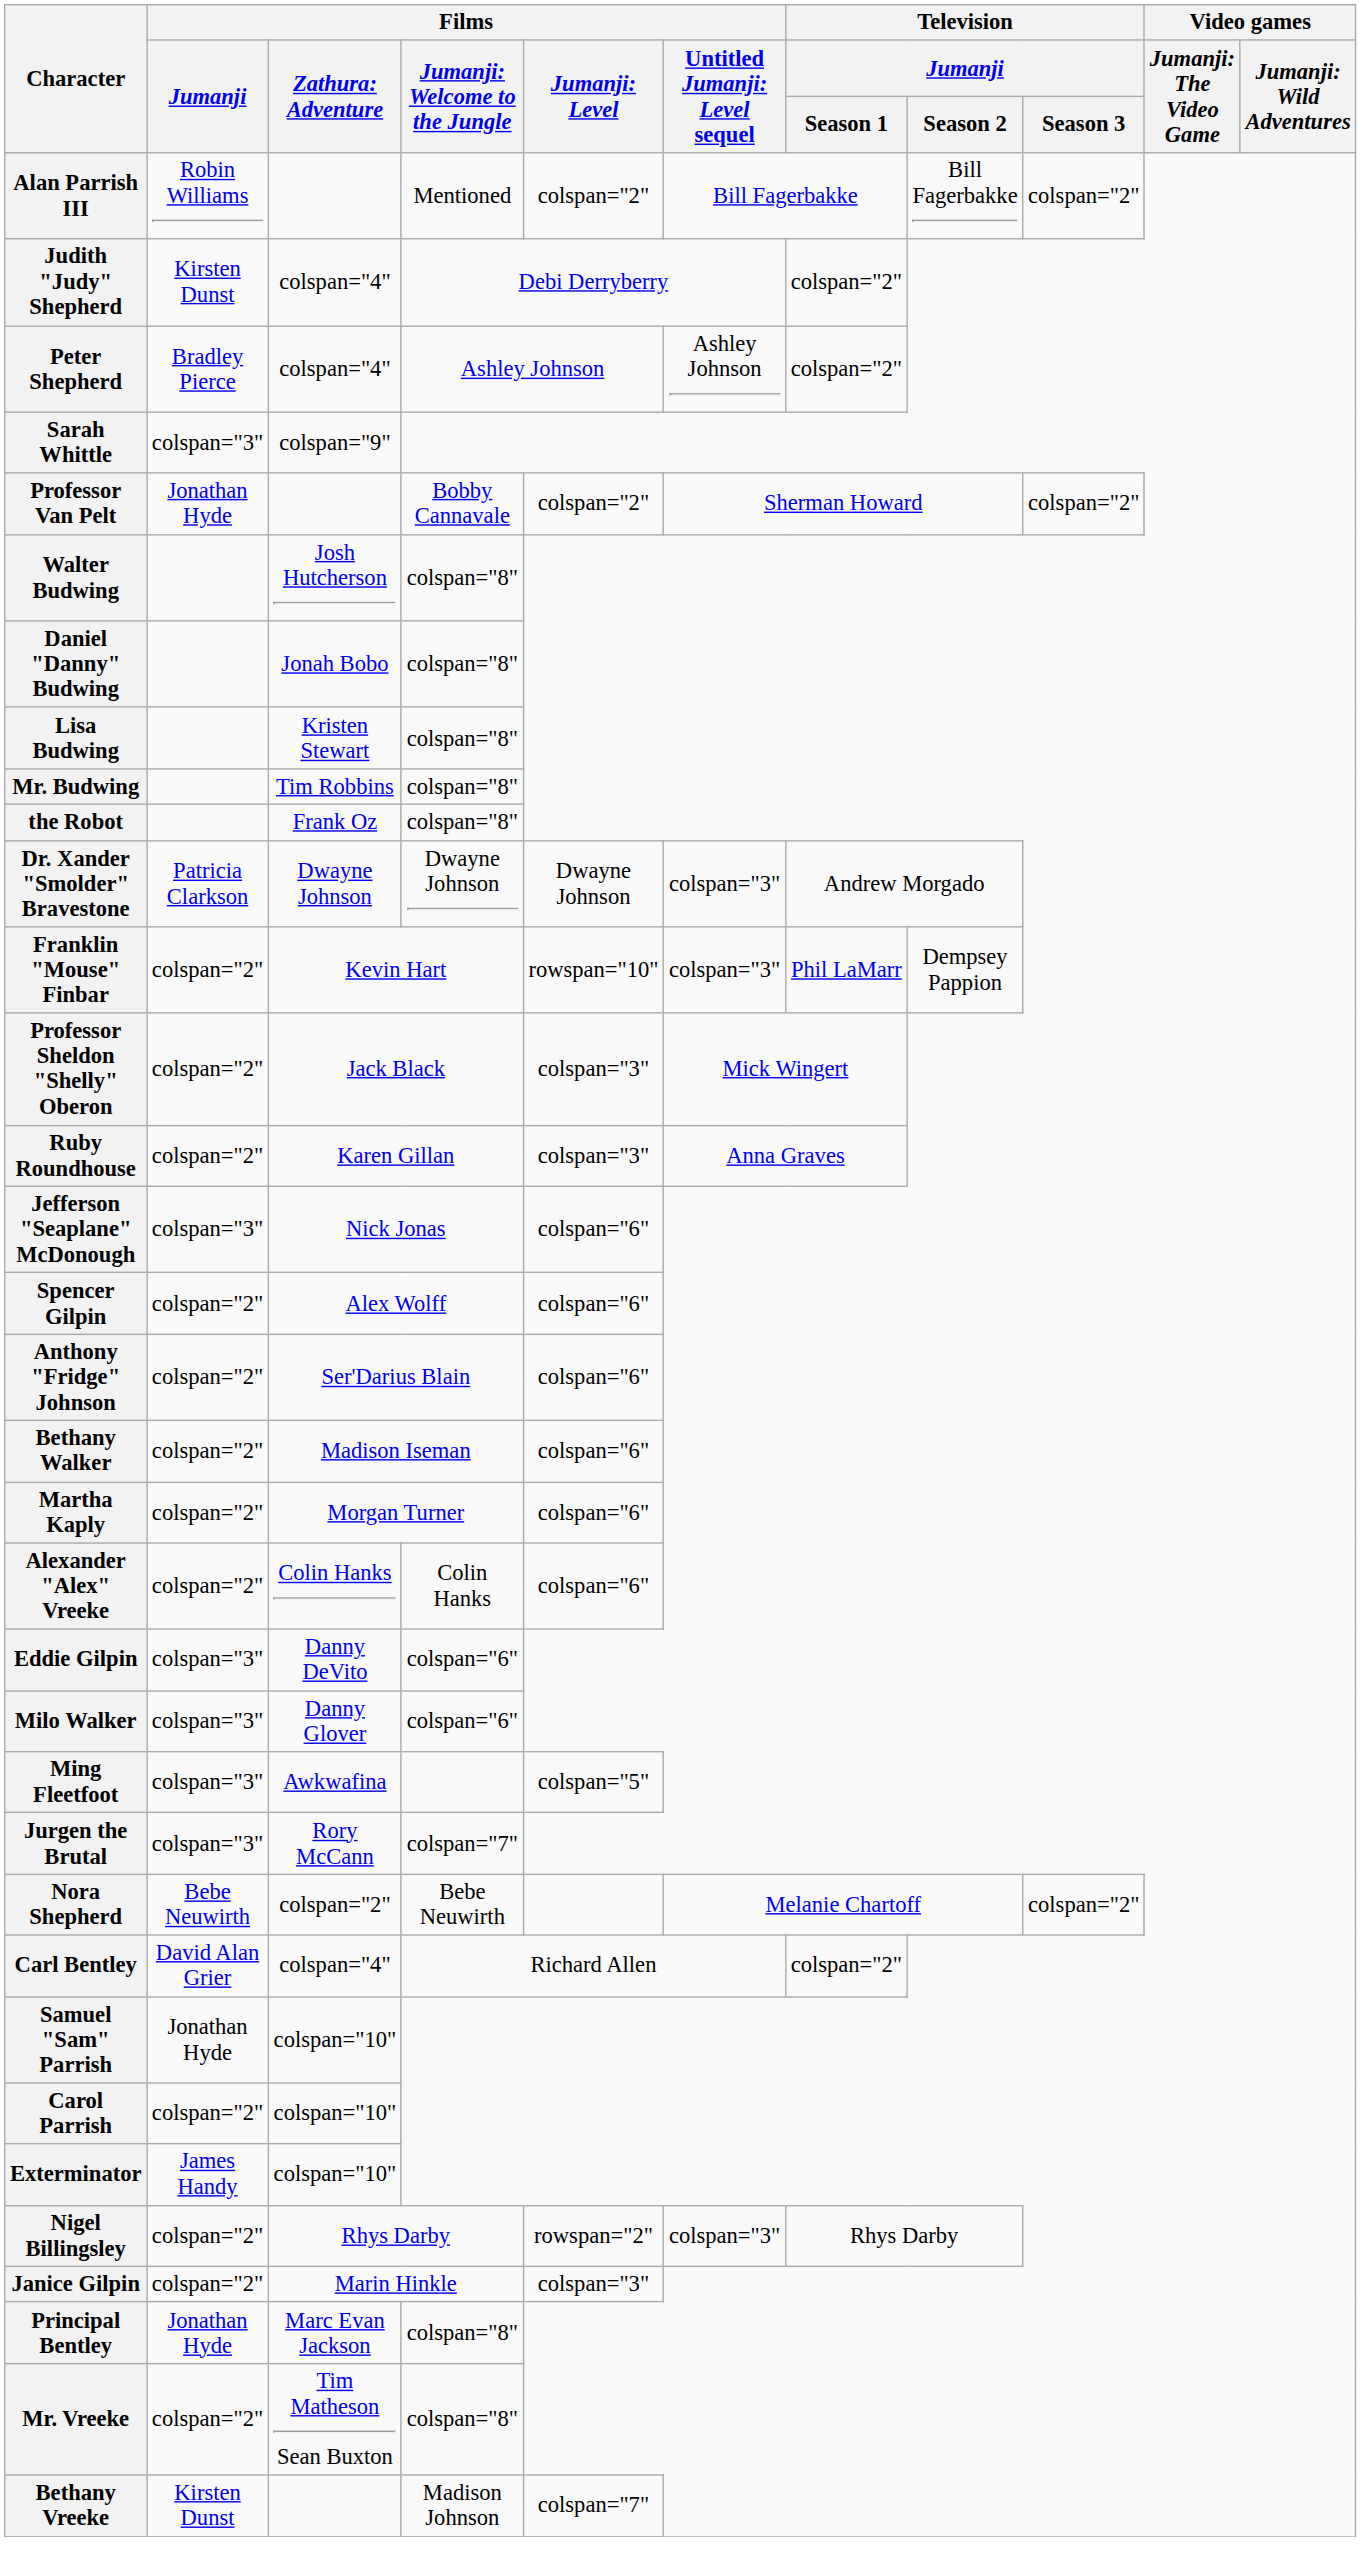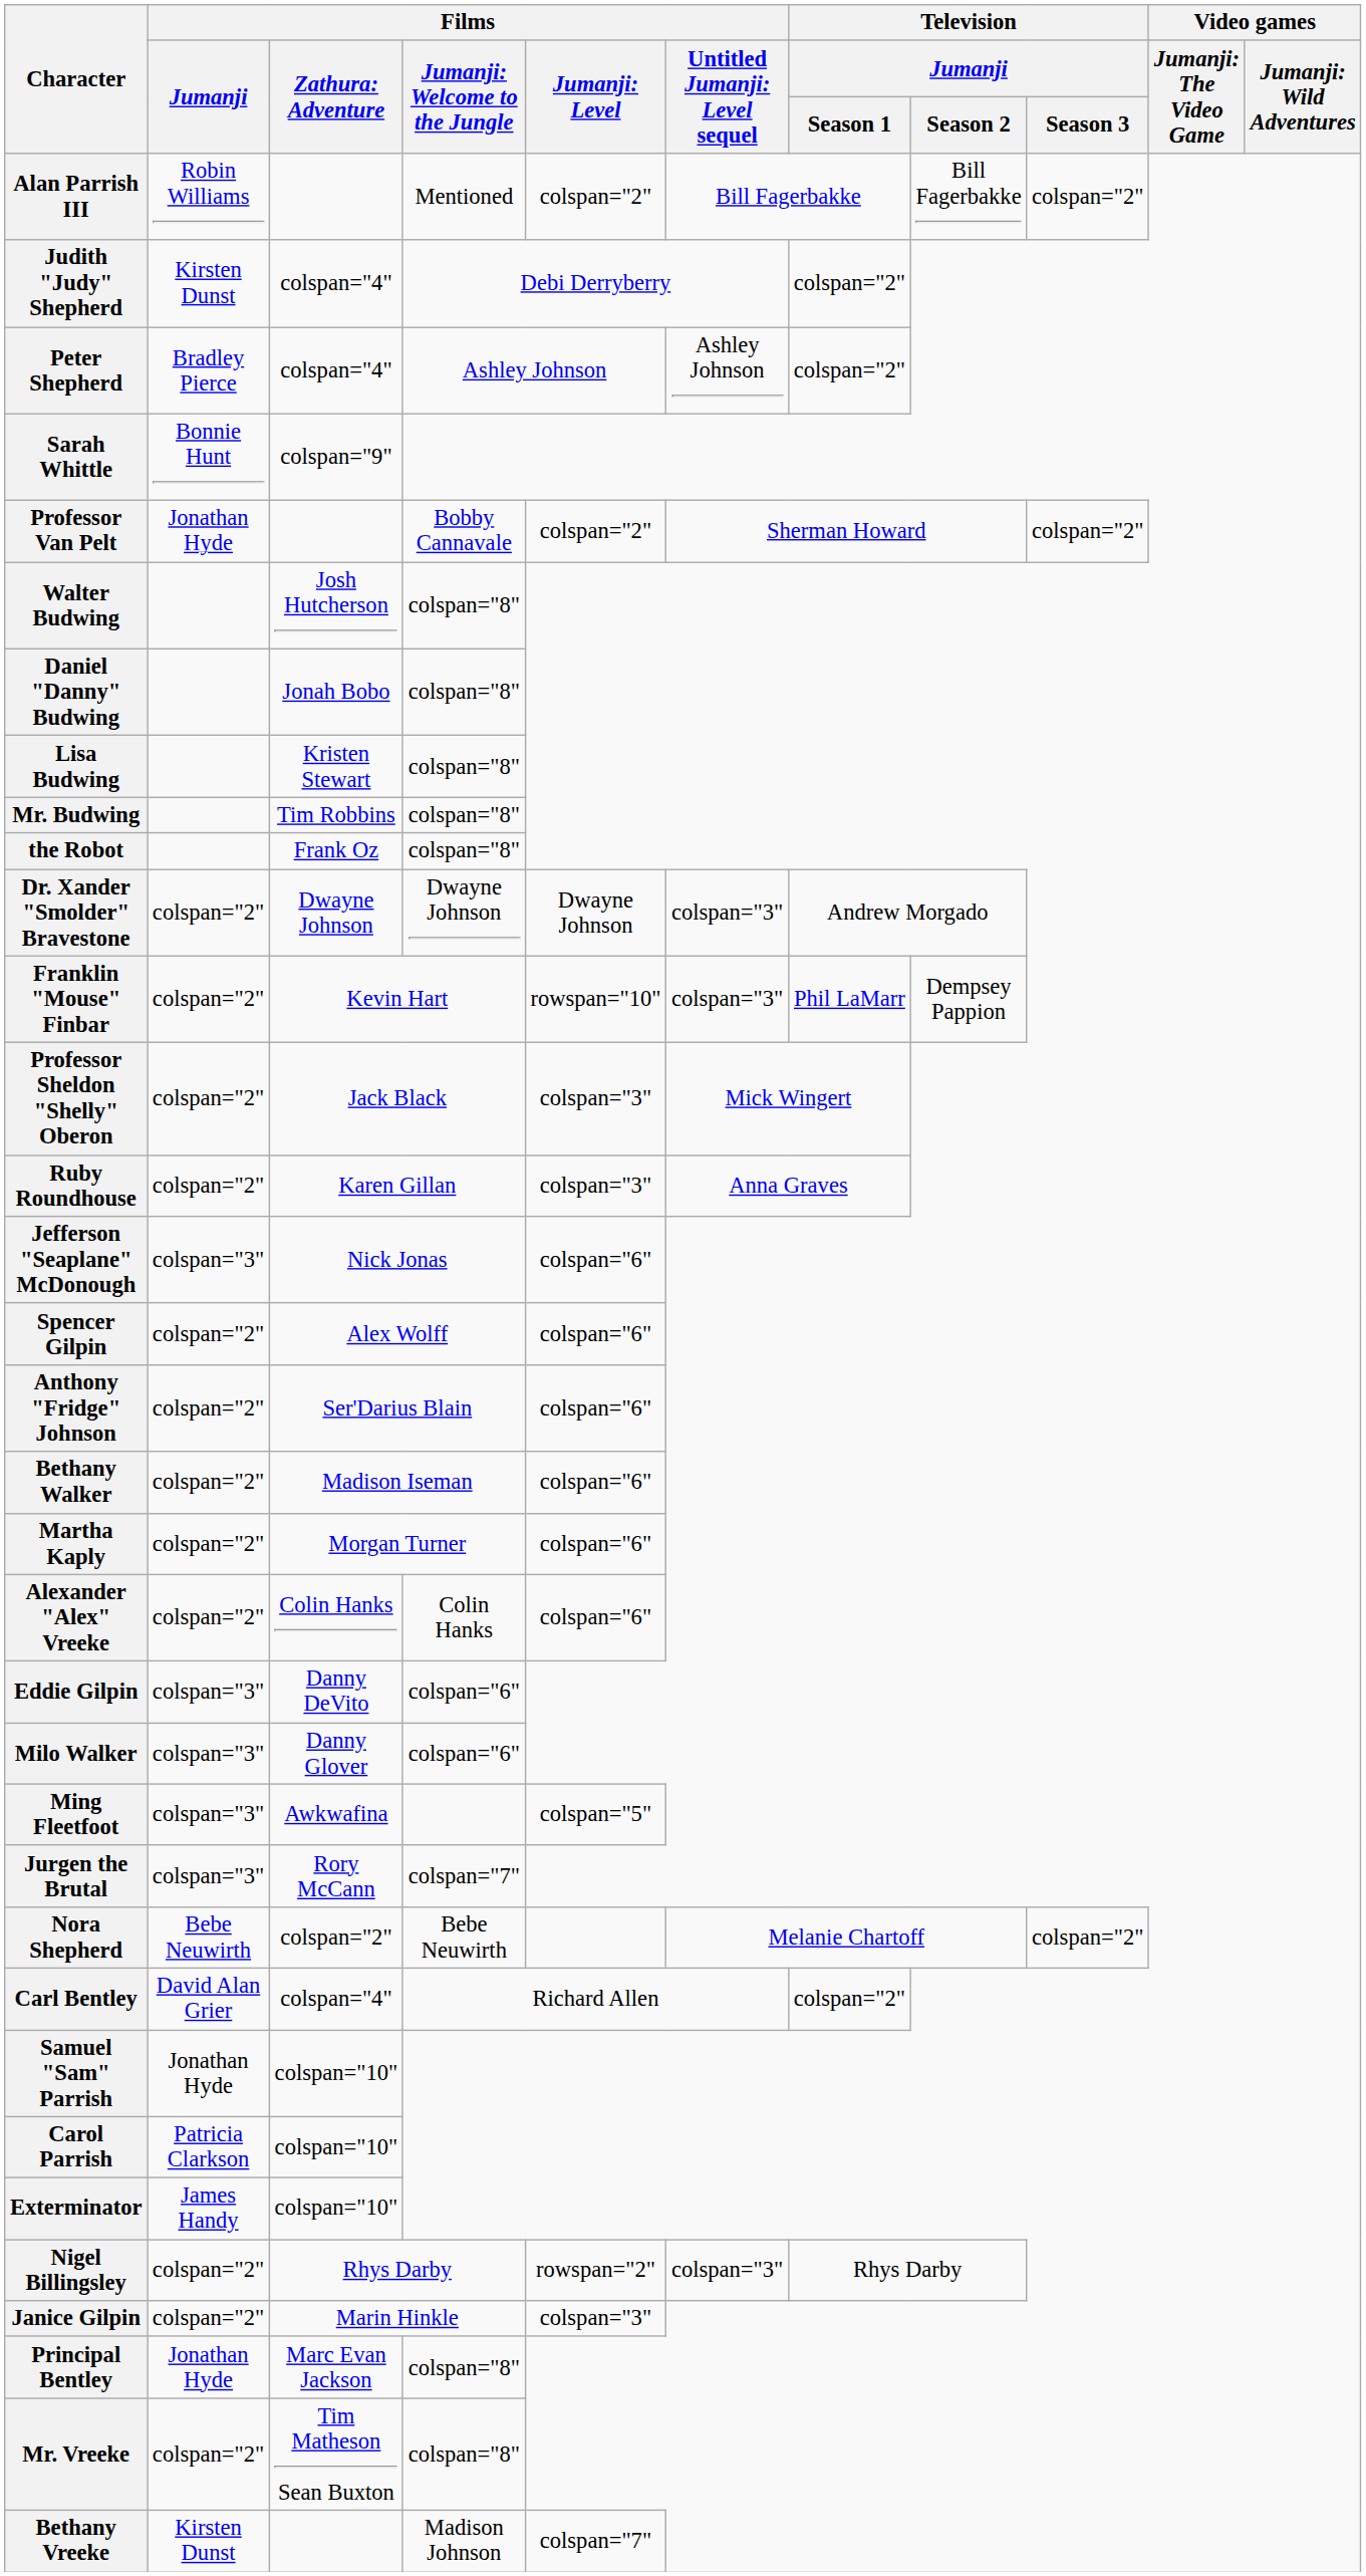 <table class="wikitable" style="text-align:center; width:99%">
 <tr>
 <th rowspan="3">Character</th>
 <th colspan="5" style="text-align:center;">Films</th>
 <th colspan="3" style="text-align:center;">Television</th>
 <th colspan="2" style="text-align:center">Video games</th>
 </tr>
 <tr>
 <th rowspan="2" style="text-align:center"><em><a href='#'>Jumanji</a></em></th>
 <th rowspan="2" style="text-align:center"><em><a href='#'>Zathura:  Adventure</a></em></th>
 <th rowspan="2" style="text-align:center"><em><a href='#'>Jumanji: Welcome to the Jungle</a></em></th>
 <th rowspan="2" style="text-align:center"><em><a href='#'>Jumanji:  Level</a></em></th>
 <th rowspan="2" style="text-align:center"><a href='#'>Untitled <em>Jumanji:  Level</em> sequel</a></th>
 <th colspan="3" style="text-align:center"><em><a href='#'>Jumanji</a></em></th>
 <th rowspan="2" style="text-align:center"><em>Jumanji: The Video Game</em></th>
 <th rowspan="2" style="text-align:center"><em>Jumanji: Wild Adventures</em></th>
 </tr>
 <tr>
 <th style="text-align:center; width:6.5%">Season 1</th>
 <th style="text-align:center; width:6.5%">Season 2</th>
 <th>Season 3</th>
 </tr>
 <tr>
 <th>Alan Parrish III</th>
 <td><a href='#'>Robin Williams</a><hr></td>
 <td></td>
 <td>Mentioned</td>
 <td>colspan="2" </td>
 <td colspan="2"><a href='#'>Bill Fagerbakke</a></td>
 <td>Bill Fagerbakke<hr></td>
 <td>colspan="2" </td>
 </tr>
 <tr>
 <th>Judith "Judy" Shepherd</th>
 <td><a href='#'>Kirsten Dunst</a></td>
 <td>colspan="4" </td>
 <td colspan="3"><a href='#'>Debi Derryberry</a></td>
 <td>colspan="2" </td>
 </tr>
 <tr>
 <th>Peter Shepherd</th>
 <td><a href='#'>Bradley Pierce</a></td>
 <td>colspan="4" </td>
 <td colspan="2"><a href='#'>Ashley Johnson</a></td>
 <td>Ashley Johnson<hr></td>
 <td>colspan="2" </td>
 </tr>
 <tr>
 <th>Sarah Whittle</th>
-<td>colspan="3" </td>
+<td><a href='#'>Bonnie Hunt</a><hr></td>
 <td>colspan="9" </td>
 </tr>
 <tr>
 <th>Professor Van Pelt</th>
 <td><a href='#'>Jonathan Hyde</a></td>
 <td></td>
 <td><a href='#'>Bobby Cannavale</a></td>
 <td>colspan="2" </td>
 <td colspan="3"><a href='#'>Sherman Howard</a></td>
 <td>colspan="2" </td>
 </tr>
 <tr>
 <th>Walter Budwing<br></th>
 <td></td>
 <td><a href='#'>Josh Hutcherson</a><hr></td>
 <td>colspan="8" </td>
 </tr>
 <tr>
 <th>Daniel "Danny" Budwing</th>
 <td></td>
 <td><a href='#'>Jonah Bobo</a></td>
 <td>colspan="8" </td>
 </tr>
 <tr>
 <th>Lisa Budwing</th>
 <td></td>
 <td><a href='#'>Kristen Stewart</a></td>
 <td>colspan="8" </td>
 </tr>
 <tr>
 <th>Mr. Budwing</th>
 <td></td>
 <td><a href='#'>Tim Robbins</a></td>
 <td>colspan="8" </td>
 </tr>
 <tr>
 <th>the Robot</th>
 <td></td>
 <td><a href='#'>Frank Oz</a></td>
 <td>colspan="8" </td>
 </tr>
 <tr>
 <th>Dr. Xander "Smolder" Bravestone</th>
-<td><a href='#'>Patricia Clarkson</a></td>
+<td>colspan="2" </td>
 <td><a href='#'>Dwayne Johnson</a></td>
 <td>Dwayne Johnson<hr></td>
 <td>Dwayne Johnson</td>
 <td>colspan="3" </td>
 <td colspan="2">Andrew Morgado</td>
 </tr>
 <tr>
 <th>Franklin "Mouse" Finbar</th>
 <td>colspan="2" </td>
 <td colspan="2"><a href='#'>Kevin Hart</a></td>
 <td>rowspan="10" </td>
 <td>colspan="3" </td>
 <td><a href='#'>Phil LaMarr</a></td>
 <td>Dempsey Pappion</td>
 </tr>
 <tr>
 <th>Professor Sheldon "Shelly" Oberon</th>
 <td>colspan="2" </td>
 <td colspan="2"><a href='#'>Jack Black</a></td>
 <td>colspan="3" </td>
 <td colspan="2"><a href='#'>Mick Wingert</a></td>
 </tr>
 <tr>
 <th>Ruby Roundhouse<br></th>
 <td>colspan="2" </td>
 <td colspan="2"><a href='#'>Karen Gillan</a></td>
 <td>colspan="3" </td>
 <td colspan="2"><a href='#'>Anna Graves</a></td>
 </tr>
 <tr>
 <th>Jefferson "Seaplane" McDonough</th>
 <td>colspan="3" </td>
 <td colspan="2"><a href='#'>Nick Jonas</a></td>
 <td>colspan="6" </td>
 </tr>
 <tr>
 <th>Spencer Gilpin</th>
 <td>colspan="2" </td>
 <td colspan="2"><a href='#'>Alex Wolff</a></td>
 <td>colspan="6" </td>
 </tr>
 <tr>
 <th>Anthony "Fridge" Johnson</th>
 <td>colspan="2" </td>
 <td colspan="2"><a href='#'>Ser'Darius Blain</a></td>
 <td>colspan="6" </td>
 </tr>
 <tr>
 <th>Bethany Walker</th>
 <td>colspan="2" </td>
 <td colspan="2"><a href='#'>Madison Iseman</a></td>
 <td>colspan="6" </td>
 </tr>
 <tr>
 <th>Martha Kaply</th>
 <td>colspan="2" </td>
 <td colspan="2"><a href='#'>Morgan Turner</a></td>
 <td>colspan="6" </td>
 </tr>
 <tr>
 <th>Alexander "Alex" Vreeke</th>
 <td>colspan="2" </td>
 <td><a href='#'>Colin Hanks</a><hr></td>
 <td>Colin Hanks</td>
 <td>colspan="6" </td>
 </tr>
 <tr>
 <th>Eddie Gilpin</th>
 <td>colspan="3" </td>
 <td><a href='#'>Danny DeVito</a></td>
 <td>colspan="6" </td>
 </tr>
 <tr>
 <th>Milo Walker</th>
 <td>colspan="3" </td>
 <td><a href='#'>Danny Glover</a></td>
 <td>colspan="6" </td>
 </tr>
 <tr>
 <th>Ming Fleetfoot</th>
 <td>colspan="3" </td>
 <td><a href='#'>Awkwafina</a></td>
 <td></td>
 <td>colspan="5" </td>
 </tr>
 <tr>
 <th>Jurgen the Brutal</th>
 <td>colspan="3" </td>
 <td><a href='#'>Rory McCann</a></td>
 <td>colspan="7" </td>
 </tr>
 <tr>
 <th>Nora Shepherd</th>
 <td><a href='#'>Bebe Neuwirth</a></td>
 <td>colspan="2" </td>
 <td>Bebe Neuwirth</td>
 <td></td>
 <td colspan="3"><a href='#'>Melanie Chartoff</a></td>
 <td>colspan="2" </td>
 </tr>
 <tr>
 <th>Carl Bentley</th>
 <td><a href='#'>David Alan Grier</a></td>
 <td>colspan="4" </td>
 <td colspan="3">Richard Allen</td>
 <td>colspan="2" </td>
 </tr>
 <tr>
 <th>Samuel "Sam" Parrish</th>
 <td>Jonathan Hyde</td>
 <td>colspan="10" </td>
 </tr>
 <tr>
 <th>Carol Parrish</th>
-<td>colspan="2" </td>
+<td><a href='#'>Patricia Clarkson</a></td>
 <td>colspan="10" </td>
 </tr>
 <tr>
 <th>Exterminator</th>
 <td><a href='#'>James Handy</a></td>
 <td>colspan="10" </td>
 </tr>
 <tr>
 <th>Nigel Billingsley</th>
 <td>colspan="2" </td>
 <td colspan="2"><a href='#'>Rhys Darby</a></td>
 <td>rowspan="2" </td>
 <td>colspan="3" </td>
 <td colspan="2">Rhys Darby</td>
 </tr>
 <tr>
 <th>Janice Gilpin</th>
 <td>colspan="2" </td>
 <td colspan="2"><a href='#'>Marin Hinkle</a></td>
 <td>colspan="3" </td>
 </tr>
 <tr>
 <th>Principal Bentley</th>
 <td><a href='#'>Jonathan Hyde</a></td>
 <td colspan="1"><a href='#'>Marc Evan Jackson</a></td>
 <td>colspan="8" </td>
 </tr>
 <tr>
 <th>Mr. Vreeke</th>
 <td>colspan="2" </td>
 <td><a href='#'>Tim Matheson</a><hr>Sean Buxton</td>
 <td>colspan="8" </td>
 </tr>
 <tr>
 <th>Bethany Vreeke</th>
 <td><a href='#'>Kirsten Dunst</a></td>
 <td></td>
 <td>Madison Johnson</td>
 <td>colspan="7" </td>
 </tr>
 <tr>
 </tr>
 </table>
